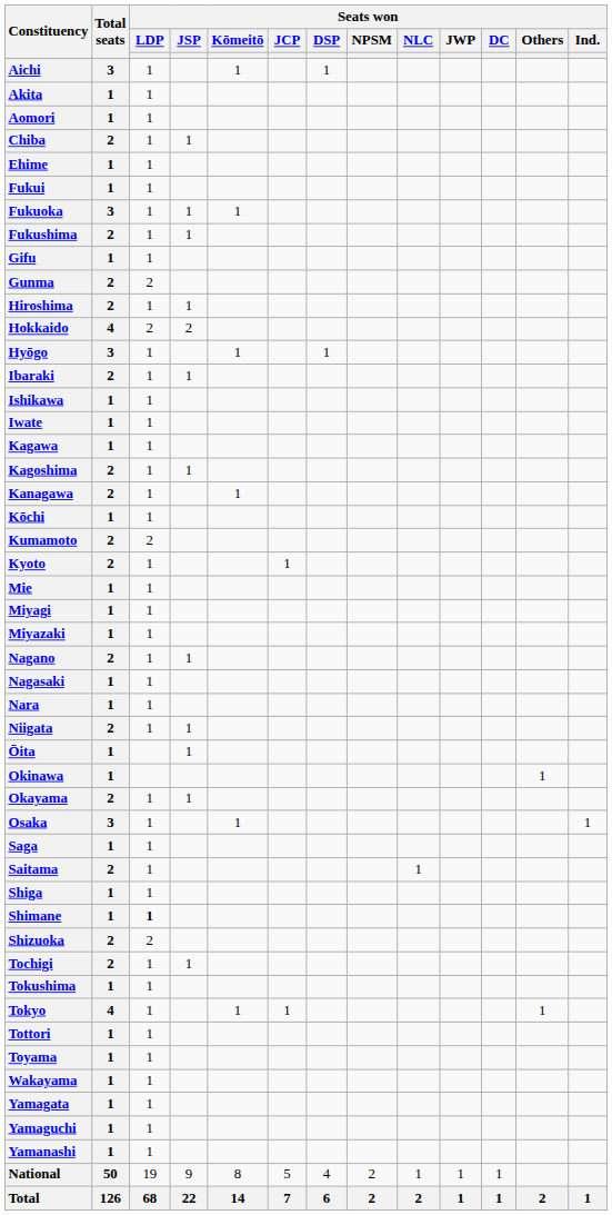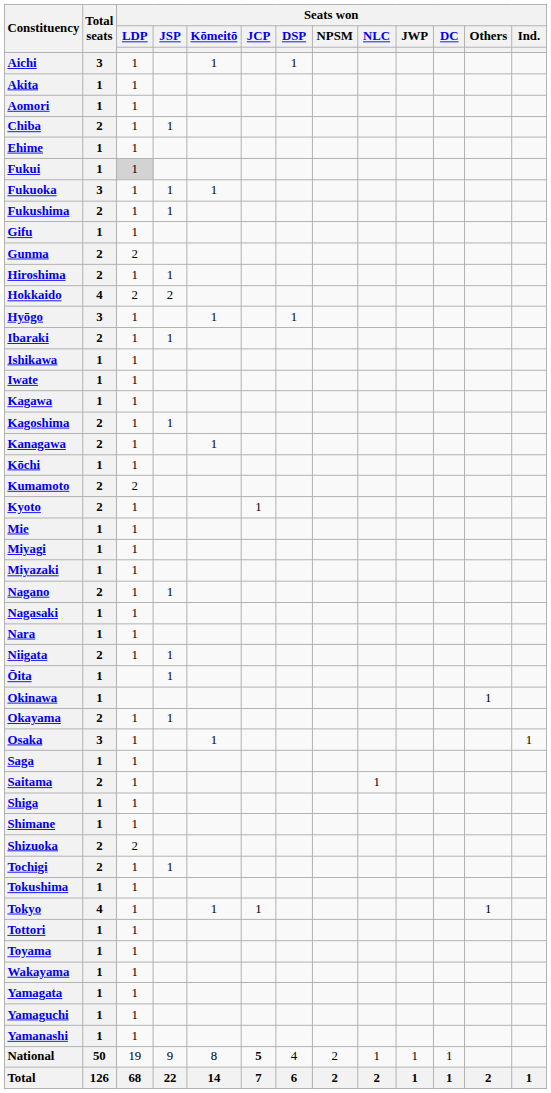 <table class="wikitable" style="text-align:center; font-size: 0.9em;">
 <tr>
 <th rowspan="3">Constituency</th>
 <th rowspan="3">Total<br>seats</th>
 <th colspan="11">Seats won</th>
 </tr>
 <tr>
 <th class="unsortable" style="width:60px;"><a href='#'>LDP</a></th>
 <th class="unsortable" style="width:60px;"><a href='#'>JSP</a></th>
 <th class="unsortable" style="width:60px;"><a href='#'>Kōmeitō</a></th>
 <th class="unsortable" style="width:60px;"><a href='#'>JCP</a></th>
 <th class="unsortable" style="width:60px;"><a href='#'>DSP</a></th>
 <th class="unsortable" style="width:60px;">NPSM</th>
 <th class="unsortable" style="width:60px;"><a href='#'>NLC</a></th>
 <th class="unsortable" style="width:60px;">JWP</th>
 <th class="unsortable" style="width:60px;"><a href='#'>DC</a></th>
 <th class="unsortable" style="width:60px;">Others</th>
 <th class="unsortable" style="width:60px;">Ind.</th>
 </tr>
 <tr>
 <th style="background:"></th>
 <th style="background:"></th>
 <th style="background:"></th>
 <th style="background:"></th>
 <th style="background:"></th>
 <th></th>
 <th style="background:"></th>
 <th></th>
 <th style="background:"></th>
 <th></th>
 <th style="background:"></th>
 </tr>
 <tr>
 <th style="text-align: left;"><a href='#'>Aichi</a></th>
 <th>3</th>
 <td>1</td>
 <td></td>
 <td>1</td>
 <td></td>
 <td>1</td>
 <td></td>
 <td></td>
 <td></td>
 <td></td>
 <td></td>
 <td></td>
 </tr>
 <tr>
 <th style="text-align: left;"><a href='#'>Akita</a></th>
 <th>1</th>
 <td>1</td>
 <td></td>
 <td></td>
 <td></td>
 <td></td>
 <td></td>
 <td></td>
 <td></td>
 <td></td>
 <td></td>
 <td></td>
 </tr>
 <tr>
 <th style="text-align: left;"><a href='#'>Aomori</a></th>
 <th>1</th>
 <td>1</td>
 <td></td>
 <td></td>
 <td></td>
 <td></td>
 <td></td>
 <td></td>
 <td></td>
 <td></td>
 <td></td>
 <td></td>
 </tr>
 <tr>
 <th style="text-align: left;"><a href='#'>Chiba</a></th>
 <th>2</th>
 <td>1</td>
 <td>1</td>
 <td></td>
 <td></td>
 <td></td>
 <td></td>
 <td></td>
 <td></td>
 <td></td>
 <td></td>
 <td></td>
 </tr>
 <tr>
 <th style="text-align: left;"><a href='#'>Ehime</a></th>
 <th>1</th>
 <td>1</td>
 <td></td>
 <td></td>
 <td></td>
 <td></td>
 <td></td>
 <td></td>
 <td></td>
 <td></td>
 <td></td>
 <td></td>
 </tr>
 <tr>
 <th style="text-align: left;"><a href='#'>Fukui</a></th>
 <th>1</th>
-<td>1</td>
+<td style="background: lightgrey;">1</td>
 <td></td>
 <td></td>
 <td></td>
 <td></td>
 <td></td>
 <td></td>
 <td></td>
 <td></td>
 <td></td>
 <td></td>
 </tr>
 <tr>
 <th style="text-align: left;"><a href='#'>Fukuoka</a></th>
 <th>3</th>
 <td>1</td>
 <td>1</td>
 <td>1</td>
 <td></td>
 <td></td>
 <td></td>
 <td></td>
 <td></td>
 <td></td>
 <td></td>
 <td></td>
 </tr>
 <tr>
 <th style="text-align: left;"><a href='#'>Fukushima</a></th>
 <th>2</th>
 <td>1</td>
 <td>1</td>
 <td></td>
 <td></td>
 <td></td>
 <td></td>
 <td></td>
 <td></td>
 <td></td>
 <td></td>
 <td></td>
 </tr>
 <tr>
 <th style="text-align: left;"><a href='#'>Gifu</a></th>
 <th>1</th>
 <td>1</td>
 <td></td>
 <td></td>
 <td></td>
 <td></td>
 <td></td>
 <td></td>
 <td></td>
 <td></td>
 <td></td>
 <td></td>
 </tr>
 <tr>
 <th style="text-align: left;"><a href='#'>Gunma</a></th>
 <th>2</th>
 <td>2</td>
 <td></td>
 <td></td>
 <td></td>
 <td></td>
 <td></td>
 <td></td>
 <td></td>
 <td></td>
 <td></td>
 <td></td>
 </tr>
 <tr>
 <th style="text-align: left;"><a href='#'>Hiroshima</a></th>
 <th>2</th>
 <td>1</td>
 <td>1</td>
 <td></td>
 <td></td>
 <td></td>
 <td></td>
 <td></td>
 <td></td>
 <td></td>
 <td></td>
 <td></td>
 </tr>
 <tr>
 <th style="text-align: left;"><a href='#'>Hokkaido</a></th>
 <th>4</th>
 <td>2</td>
 <td>2</td>
 <td></td>
 <td></td>
 <td></td>
 <td></td>
 <td></td>
 <td></td>
 <td></td>
 <td></td>
 <td></td>
 </tr>
 <tr>
 <th style="text-align: left;"><a href='#'>Hyōgo</a></th>
 <th>3</th>
 <td>1</td>
 <td></td>
 <td>1</td>
 <td></td>
 <td>1</td>
 <td></td>
 <td></td>
 <td></td>
 <td></td>
 <td></td>
 <td></td>
 </tr>
 <tr>
 <th style="text-align: left;"><a href='#'>Ibaraki</a></th>
 <th>2</th>
 <td>1</td>
 <td>1</td>
 <td></td>
 <td></td>
 <td></td>
 <td></td>
 <td></td>
 <td></td>
 <td></td>
 <td></td>
 <td></td>
 </tr>
 <tr>
 <th style="text-align: left;"><a href='#'>Ishikawa</a></th>
 <th>1</th>
 <td>1</td>
 <td></td>
 <td></td>
 <td></td>
 <td></td>
 <td></td>
 <td></td>
 <td></td>
 <td></td>
 <td></td>
 <td></td>
 </tr>
 <tr>
 <th style="text-align: left;"><a href='#'>Iwate</a></th>
 <th>1</th>
 <td>1</td>
 <td></td>
 <td></td>
 <td></td>
 <td></td>
 <td></td>
 <td></td>
 <td></td>
 <td></td>
 <td></td>
 <td></td>
 </tr>
 <tr>
 <th style="text-align: left;"><a href='#'>Kagawa</a></th>
 <th>1</th>
 <td>1</td>
 <td></td>
 <td></td>
 <td></td>
 <td></td>
 <td></td>
 <td></td>
 <td></td>
 <td></td>
 <td></td>
 <td></td>
 </tr>
 <tr>
 <th style="text-align: left;"><a href='#'>Kagoshima</a></th>
 <th>2</th>
 <td>1</td>
 <td>1</td>
 <td></td>
 <td></td>
 <td></td>
 <td></td>
 <td></td>
 <td></td>
 <td></td>
 <td></td>
 <td></td>
 </tr>
 <tr>
 <th style="text-align: left;"><a href='#'>Kanagawa</a></th>
 <th>2</th>
 <td>1</td>
 <td></td>
 <td>1</td>
 <td></td>
 <td></td>
 <td></td>
 <td></td>
 <td></td>
 <td></td>
 <td></td>
 <td></td>
 </tr>
 <tr>
 <th style="text-align: left;"><a href='#'>Kōchi</a></th>
 <th>1</th>
 <td>1</td>
 <td></td>
 <td></td>
 <td></td>
 <td></td>
 <td></td>
 <td></td>
 <td></td>
 <td></td>
 <td></td>
 <td></td>
 </tr>
 <tr>
 <th style="text-align: left;"><a href='#'>Kumamoto</a></th>
 <th>2</th>
 <td>2</td>
 <td></td>
 <td></td>
 <td></td>
 <td></td>
 <td></td>
 <td></td>
 <td></td>
 <td></td>
 <td></td>
 <td></td>
 </tr>
 <tr>
 <th style="text-align: left;"><a href='#'>Kyoto</a></th>
 <th>2</th>
 <td>1</td>
 <td></td>
 <td></td>
 <td>1</td>
 <td></td>
 <td></td>
 <td></td>
 <td></td>
 <td></td>
 <td></td>
 <td></td>
 </tr>
 <tr>
 <th style="text-align: left;"><a href='#'>Mie</a></th>
 <th>1</th>
 <td>1</td>
 <td></td>
 <td></td>
 <td></td>
 <td></td>
 <td></td>
 <td></td>
 <td></td>
 <td></td>
 <td></td>
 <td></td>
 </tr>
 <tr>
 <th style="text-align: left;"><a href='#'>Miyagi</a></th>
 <th>1</th>
 <td>1</td>
 <td></td>
 <td></td>
 <td></td>
 <td></td>
 <td></td>
 <td></td>
 <td></td>
 <td></td>
 <td></td>
 <td></td>
 </tr>
 <tr>
 <th style="text-align: left;"><a href='#'>Miyazaki</a></th>
 <th>1</th>
 <td>1</td>
 <td></td>
 <td></td>
 <td></td>
 <td></td>
 <td></td>
 <td></td>
 <td></td>
 <td></td>
 <td></td>
 <td></td>
 </tr>
 <tr>
 <th style="text-align: left;"><a href='#'>Nagano</a></th>
 <th>2</th>
 <td>1</td>
 <td>1</td>
 <td></td>
 <td></td>
 <td></td>
 <td></td>
 <td></td>
 <td></td>
 <td></td>
 <td></td>
 <td></td>
 </tr>
 <tr>
 <th style="text-align: left;"><a href='#'>Nagasaki</a></th>
 <th>1</th>
 <td>1</td>
 <td></td>
 <td></td>
 <td></td>
 <td></td>
 <td></td>
 <td></td>
 <td></td>
 <td></td>
 <td></td>
 <td></td>
 </tr>
 <tr>
 <th style="text-align: left;"><a href='#'>Nara</a></th>
 <th>1</th>
 <td>1</td>
 <td></td>
 <td></td>
 <td></td>
 <td></td>
 <td></td>
 <td></td>
 <td></td>
 <td></td>
 <td></td>
 <td></td>
 </tr>
 <tr>
 <th style="text-align: left;"><a href='#'>Niigata</a></th>
 <th>2</th>
 <td>1</td>
 <td>1</td>
 <td></td>
 <td></td>
 <td></td>
 <td></td>
 <td></td>
 <td></td>
 <td></td>
 <td></td>
 <td></td>
 </tr>
 <tr>
 <th style="text-align: left;"><a href='#'>Ōita</a></th>
 <th>1</th>
 <td></td>
 <td>1</td>
 <td></td>
 <td></td>
 <td></td>
 <td></td>
 <td></td>
 <td></td>
 <td></td>
 <td></td>
 <td></td>
 </tr>
 <tr>
 <th style="text-align: left;"><a href='#'>Okinawa</a></th>
 <th>1</th>
 <td></td>
 <td></td>
 <td></td>
 <td></td>
 <td></td>
 <td></td>
 <td></td>
 <td></td>
 <td></td>
 <td>1</td>
 <td></td>
 </tr>
 <tr>
 <th style="text-align: left;"><a href='#'>Okayama</a></th>
 <th>2</th>
 <td>1</td>
 <td>1</td>
 <td></td>
 <td></td>
 <td></td>
 <td></td>
 <td></td>
 <td></td>
 <td></td>
 <td></td>
 <td></td>
 </tr>
 <tr>
 <th style="text-align: left;"><a href='#'>Osaka</a></th>
 <th>3</th>
 <td>1</td>
 <td></td>
 <td>1</td>
 <td></td>
 <td></td>
 <td></td>
 <td></td>
 <td></td>
 <td></td>
 <td></td>
 <td>1</td>
 </tr>
 <tr>
 <th style="text-align: left;"><a href='#'>Saga</a></th>
 <th>1</th>
 <td>1</td>
 <td></td>
 <td></td>
 <td></td>
 <td></td>
 <td></td>
 <td></td>
 <td></td>
 <td></td>
 <td></td>
 <td></td>
 </tr>
 <tr>
 <th style="text-align: left;"><a href='#'>Saitama</a></th>
 <th>2</th>
 <td>1</td>
 <td></td>
 <td></td>
 <td></td>
 <td></td>
 <td></td>
 <td>1</td>
 <td></td>
 <td></td>
 <td></td>
 <td></td>
 </tr>
 <tr>
 <th style="text-align: left;"><a href='#'>Shiga</a></th>
 <th>1</th>
 <td>1</td>
 <td></td>
 <td></td>
 <td></td>
 <td></td>
 <td></td>
 <td></td>
 <td></td>
 <td></td>
 <td></td>
 <td></td>
 </tr>
 <tr>
 <th style="text-align: left;"><a href='#'>Shimane</a></th>
 <th>1</th>
-<td><strong>1</strong></td>
+<td>1</td>
 <td></td>
 <td></td>
 <td></td>
 <td></td>
 <td></td>
 <td></td>
 <td></td>
 <td></td>
 <td></td>
 <td></td>
 </tr>
 <tr>
 <th style="text-align: left;"><a href='#'>Shizuoka</a></th>
 <th>2</th>
 <td>2</td>
 <td></td>
 <td></td>
 <td></td>
 <td></td>
 <td></td>
 <td></td>
 <td></td>
 <td></td>
 <td></td>
 <td></td>
 </tr>
 <tr>
 <th style="text-align: left;"><a href='#'>Tochigi</a></th>
 <th>2</th>
 <td>1</td>
 <td>1</td>
 <td></td>
 <td></td>
 <td></td>
 <td></td>
 <td></td>
 <td></td>
 <td></td>
 <td></td>
 <td></td>
 </tr>
 <tr>
 <th style="text-align: left;"><a href='#'>Tokushima</a></th>
 <th>1</th>
 <td>1</td>
 <td></td>
 <td></td>
 <td></td>
 <td></td>
 <td></td>
 <td></td>
 <td></td>
 <td></td>
 <td></td>
 <td></td>
 </tr>
 <tr>
 <th style="text-align: left;"><a href='#'>Tokyo</a></th>
 <th>4</th>
 <td>1</td>
 <td></td>
 <td>1</td>
 <td>1</td>
 <td></td>
 <td></td>
 <td></td>
 <td></td>
 <td></td>
 <td>1</td>
 <td></td>
 </tr>
 <tr>
 <th style="text-align: left;"><a href='#'>Tottori</a></th>
 <th>1</th>
 <td>1</td>
 <td></td>
 <td></td>
 <td></td>
 <td></td>
 <td></td>
 <td></td>
 <td></td>
 <td></td>
 <td></td>
 <td></td>
 </tr>
 <tr>
 <th style="text-align: left;"><a href='#'>Toyama</a></th>
 <th>1</th>
 <td>1</td>
 <td></td>
 <td></td>
 <td></td>
 <td></td>
 <td></td>
 <td></td>
 <td></td>
 <td></td>
 <td></td>
 <td></td>
 </tr>
 <tr>
 <th style="text-align: left;"><a href='#'>Wakayama</a></th>
 <th>1</th>
 <td>1</td>
 <td></td>
 <td></td>
 <td></td>
 <td></td>
 <td></td>
 <td></td>
 <td></td>
 <td></td>
 <td></td>
 <td></td>
 </tr>
 <tr>
 <th style="text-align: left;"><a href='#'>Yamagata</a></th>
 <th>1</th>
 <td>1</td>
 <td></td>
 <td></td>
 <td></td>
 <td></td>
 <td></td>
 <td></td>
 <td></td>
 <td></td>
 <td></td>
 <td></td>
 </tr>
 <tr>
 <th style="text-align: left;"><a href='#'>Yamaguchi</a></th>
 <th>1</th>
 <td>1</td>
 <td></td>
 <td></td>
 <td></td>
 <td></td>
 <td></td>
 <td></td>
 <td></td>
 <td></td>
 <td></td>
 <td></td>
 </tr>
 <tr>
 <th style="text-align: left;"><a href='#'>Yamanashi</a></th>
 <th>1</th>
 <td>1</td>
 <td></td>
 <td></td>
 <td></td>
 <td></td>
 <td></td>
 <td></td>
 <td></td>
 <td></td>
 <td></td>
 <td></td>
 </tr>
 <tr>
 <th style="text-align: left;">National</th>
 <th>50</th>
 <td>19</td>
 <td>9</td>
 <td>8</td>
-<td>5</td>
+<td><strong>5</strong></td>
 <td>4</td>
 <td>2</td>
 <td>1</td>
 <td>1</td>
 <td>1</td>
 <td></td>
 <td></td>
 </tr>
 <tr class="sortbottom">
 <th style="text-align: left;">Total</th>
 <th>126</th>
 <th>68</th>
 <th>22</th>
 <th>14</th>
 <th>7</th>
 <th>6</th>
 <th>2</th>
 <th>2</th>
 <th>1</th>
 <th>1</th>
 <th>2</th>
 <th>1</th>
 </tr>
 </table>
